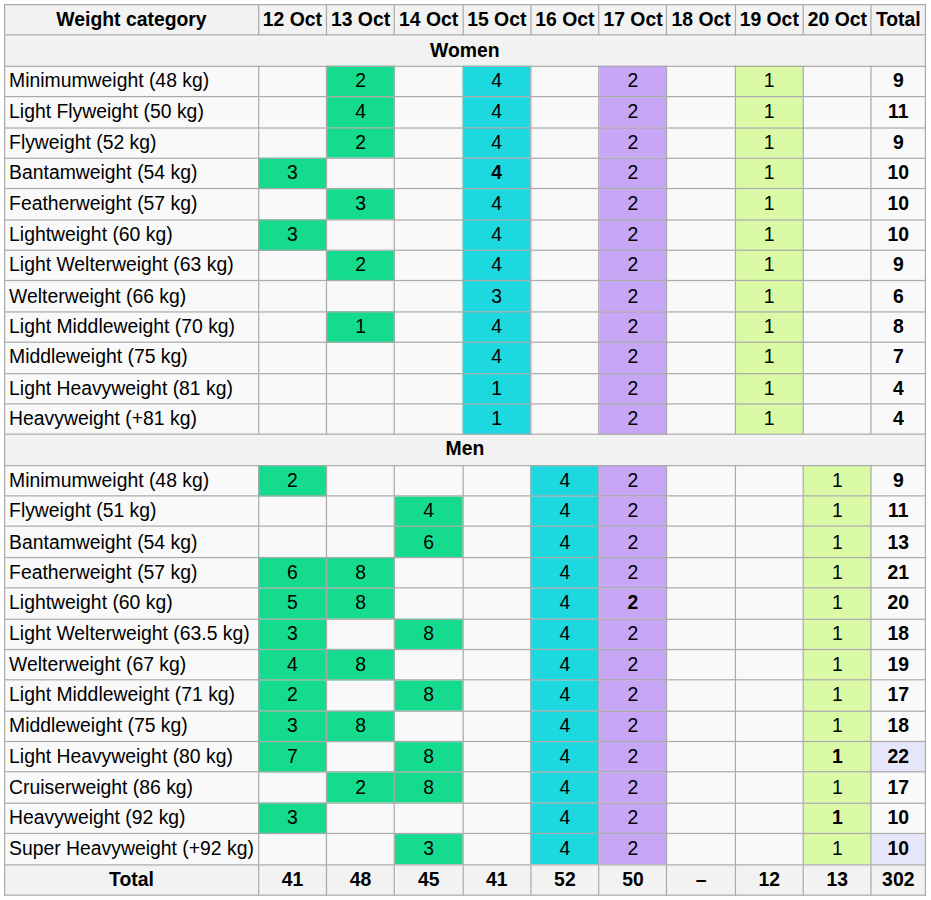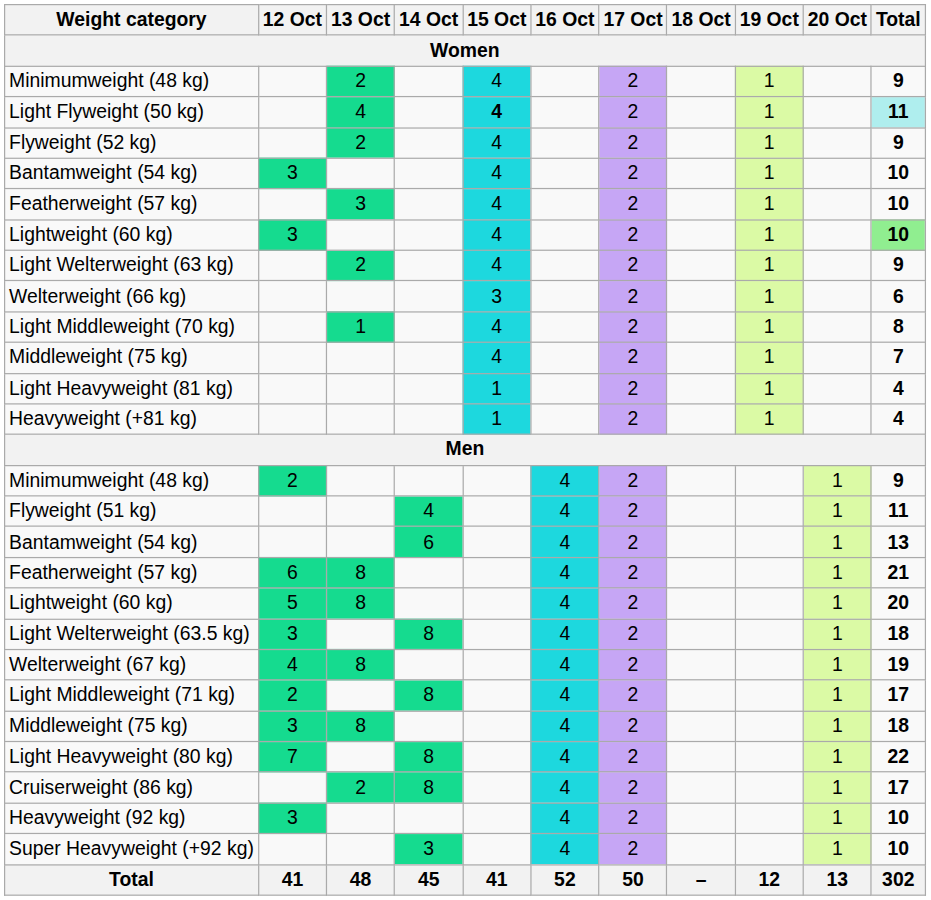 <table class=wikitable style="text-align:center">
 <tr>
 <th>Weight category</th>
 <th>12 Oct</th>
 <th>13 Oct</th>
 <th>14 Oct</th>
 <th>15 Oct</th>
 <th>16 Oct</th>
 <th>17 Oct</th>
 <th>18 Oct</th>
 <th>19 Oct</th>
 <th>20 Oct</th>
 <th>Total</th>
 </tr>
 <tr>
 <th colspan=11>Women</th>
 </tr>
 <tr>
 <td align=left>Minimumweight (48 kg)</td>
 <td></td>
 <td bgcolor=15DB8F>2</td>
 <td></td>
 <td bgcolor=1DD8DE>4</td>
 <td></td>
 <td bgcolor=C6A6F5>2</td>
 <td></td>
 <td bgcolor=DBFAA5>1</td>
 <td></td>
 <td><strong>9</strong></td>
 </tr>
 <tr>
 <td align=left>Light Flyweight (50 kg)</td>
 <td></td>
 <td bgcolor=15DB8F>4</td>
 <td></td>
-<td bgcolor=1DD8DE>4</td>
+<td bgcolor=1DD8DE><strong>4</strong></td>
 <td></td>
 <td bgcolor=C6A6F5>2</td>
 <td></td>
 <td bgcolor=DBFAA5>1</td>
 <td></td>
-<td><strong>11</strong></td>
+<td style="background: paleturquoise;"><strong>11</strong></td>
 </tr>
 <tr>
 <td align=left>Flyweight (52 kg)</td>
 <td></td>
 <td bgcolor=15DB8F>2</td>
 <td></td>
 <td bgcolor=1DD8DE>4</td>
 <td></td>
 <td bgcolor=C6A6F5>2</td>
 <td></td>
 <td bgcolor=DBFAA5>1</td>
 <td></td>
 <td><strong>9</strong></td>
 </tr>
 <tr>
 <td align=left>Bantamweight (54 kg)</td>
 <td bgcolor=15DB8F>3</td>
 <td></td>
 <td></td>
-<td bgcolor=1DD8DE><strong>4</strong></td>
+<td bgcolor=1DD8DE>4</td>
 <td></td>
 <td bgcolor=C6A6F5>2</td>
 <td></td>
 <td bgcolor=DBFAA5>1</td>
 <td></td>
 <td><strong>10</strong></td>
 </tr>
 <tr>
 <td align=left>Featherweight (57 kg)</td>
 <td></td>
 <td bgcolor=15DB8F>3</td>
 <td></td>
 <td bgcolor=1DD8DE>4</td>
 <td></td>
 <td bgcolor=C6A6F5>2</td>
 <td></td>
 <td bgcolor=DBFAA5>1</td>
 <td></td>
 <td><strong>10</strong></td>
 </tr>
 <tr>
 <td align=left>Lightweight (60 kg)</td>
 <td bgcolor=15DB8F>3</td>
 <td></td>
 <td></td>
 <td bgcolor=1DD8DE>4</td>
 <td></td>
 <td bgcolor=C6A6F5>2</td>
 <td></td>
 <td bgcolor=DBFAA5>1</td>
 <td></td>
-<td><strong>10</strong></td>
+<td style="background: lightgreen;"><strong>10</strong></td>
 </tr>
 <tr>
 <td align=left>Light Welterweight (63 kg)</td>
 <td></td>
 <td bgcolor=15DB8F>2</td>
 <td></td>
 <td bgcolor=1DD8DE>4</td>
 <td></td>
 <td bgcolor=C6A6F5>2</td>
 <td></td>
 <td bgcolor=DBFAA5>1</td>
 <td></td>
 <td><strong>9</strong></td>
 </tr>
 <tr>
 <td align=left>Welterweight (66 kg)</td>
 <td></td>
 <td></td>
 <td></td>
 <td bgcolor=1DD8DE>3</td>
 <td></td>
 <td bgcolor=C6A6F5>2</td>
 <td></td>
 <td bgcolor=DBFAA5>1</td>
 <td></td>
 <td><strong>6</strong></td>
 </tr>
 <tr>
 <td align=left>Light Middleweight (70 kg)</td>
 <td></td>
 <td bgcolor=15DB8F>1</td>
 <td></td>
 <td bgcolor=1DD8DE>4</td>
 <td></td>
 <td bgcolor=C6A6F5>2</td>
 <td></td>
 <td bgcolor=DBFAA5>1</td>
 <td></td>
 <td><strong>8</strong></td>
 </tr>
 <tr>
 <td align=left>Middleweight (75 kg)</td>
 <td></td>
 <td></td>
 <td></td>
 <td bgcolor=1DD8DE>4</td>
 <td></td>
 <td bgcolor=C6A6F5>2</td>
 <td></td>
 <td bgcolor=DBFAA5>1</td>
 <td></td>
 <td><strong>7</strong></td>
 </tr>
 <tr>
 <td align=left>Light Heavyweight (81 kg)</td>
 <td></td>
 <td></td>
 <td></td>
 <td bgcolor=1DD8DE>1</td>
 <td></td>
 <td bgcolor=C6A6F5>2</td>
 <td></td>
 <td bgcolor=DBFAA5>1</td>
 <td></td>
 <td><strong>4</strong></td>
 </tr>
 <tr>
 <td align=left>Heavyweight (+81 kg)</td>
 <td></td>
 <td></td>
 <td></td>
 <td bgcolor=1DD8DE>1</td>
 <td></td>
 <td bgcolor=C6A6F5>2</td>
 <td></td>
 <td bgcolor=DBFAA5>1</td>
 <td></td>
 <td><strong>4</strong></td>
 </tr>
 <tr>
 <th colspan=11>Men</th>
 </tr>
 <tr>
 <td align=left>Minimumweight (48 kg)</td>
 <td bgcolor=15DB8F>2</td>
 <td></td>
 <td></td>
 <td></td>
 <td bgcolor=1DD8DE>4</td>
 <td bgcolor=C6A6F5>2</td>
 <td></td>
 <td></td>
 <td bgcolor=DBFAA5>1</td>
 <td><strong>9</strong></td>
 </tr>
 <tr>
 <td align=left>Flyweight (51 kg)</td>
 <td></td>
 <td></td>
 <td bgcolor=15DB8F>4</td>
 <td></td>
 <td bgcolor=1DD8DE>4</td>
 <td bgcolor=C6A6F5>2</td>
 <td></td>
 <td></td>
 <td bgcolor=DBFAA5>1</td>
 <td><strong>11</strong></td>
 </tr>
 <tr>
 <td align=left>Bantamweight (54 kg)</td>
 <td></td>
 <td></td>
 <td bgcolor=15DB8F>6</td>
 <td></td>
 <td bgcolor=1DD8DE>4</td>
 <td bgcolor=C6A6F5>2</td>
 <td></td>
 <td></td>
 <td bgcolor=DBFAA5>1</td>
 <td><strong>13</strong></td>
 </tr>
 <tr>
 <td align=left>Featherweight (57 kg)</td>
 <td bgcolor=15DB8F>6</td>
 <td bgcolor=15DB8F>8</td>
 <td></td>
 <td></td>
 <td bgcolor=1DD8DE>4</td>
 <td bgcolor=C6A6F5>2</td>
 <td></td>
 <td></td>
 <td bgcolor=DBFAA5>1</td>
 <td><strong>21</strong></td>
 </tr>
 <tr>
 <td align=left>Lightweight (60 kg)</td>
 <td bgcolor=15DB8F>5</td>
 <td bgcolor=15DB8F>8</td>
 <td></td>
 <td></td>
 <td bgcolor=1DD8DE>4</td>
-<td bgcolor=C6A6F5><strong>2</strong></td>
+<td bgcolor=C6A6F5>2</td>
 <td></td>
 <td></td>
 <td bgcolor=DBFAA5>1</td>
 <td><strong>20</strong></td>
 </tr>
 <tr>
 <td align=left>Light Welterweight (63.5 kg)</td>
 <td bgcolor=15DB8F>3</td>
 <td></td>
 <td bgcolor=15DB8F>8</td>
 <td></td>
 <td bgcolor=1DD8DE>4</td>
 <td bgcolor=C6A6F5>2</td>
 <td></td>
 <td></td>
 <td bgcolor=DBFAA5>1</td>
 <td><strong>18</strong></td>
 </tr>
 <tr>
 <td align=left>Welterweight (67 kg)</td>
 <td bgcolor=15DB8F>4</td>
 <td bgcolor=15DB8F>8</td>
 <td></td>
 <td></td>
 <td bgcolor=1DD8DE>4</td>
 <td bgcolor=C6A6F5>2</td>
 <td></td>
 <td></td>
 <td bgcolor=DBFAA5>1</td>
 <td><strong>19</strong></td>
 </tr>
 <tr>
 <td align=left>Light Middleweight (71 kg)</td>
 <td bgcolor=15DB8F>2</td>
 <td></td>
 <td bgcolor=15DB8F>8</td>
 <td></td>
 <td bgcolor=1DD8DE>4</td>
 <td bgcolor=C6A6F5>2</td>
 <td></td>
 <td></td>
 <td bgcolor=DBFAA5>1</td>
 <td><strong>17</strong></td>
 </tr>
 <tr>
 <td align=left>Middleweight (75 kg)</td>
 <td bgcolor=15DB8F>3</td>
 <td bgcolor=15DB8F>8</td>
 <td></td>
 <td></td>
 <td bgcolor=1DD8DE>4</td>
 <td bgcolor=C6A6F5>2</td>
 <td></td>
 <td></td>
 <td bgcolor=DBFAA5>1</td>
 <td><strong>18</strong></td>
 </tr>
 <tr>
 <td align=left>Light Heavyweight (80 kg)</td>
 <td bgcolor=15DB8F>7</td>
 <td></td>
 <td bgcolor=15DB8F>8</td>
 <td></td>
 <td bgcolor=1DD8DE>4</td>
 <td bgcolor=C6A6F5>2</td>
 <td></td>
 <td></td>
-<td bgcolor=DBFAA5><strong>1</strong></td>
-<td style="background: lavender;"><strong>22</strong></td>
+<td bgcolor=DBFAA5>1</td>
+<td><strong>22</strong></td>
 </tr>
 <tr>
 <td align=left>Cruiserweight (86 kg)</td>
 <td></td>
 <td bgcolor=15DB8F>2</td>
 <td bgcolor=15DB8F>8</td>
 <td></td>
 <td bgcolor=1DD8DE>4</td>
 <td bgcolor=C6A6F5>2</td>
 <td></td>
 <td></td>
 <td bgcolor=DBFAA5>1</td>
 <td><strong>17</strong></td>
 </tr>
 <tr>
 <td align=left>Heavyweight (92 kg)</td>
 <td bgcolor=15DB8F>3</td>
 <td></td>
 <td></td>
 <td></td>
 <td bgcolor=1DD8DE>4</td>
 <td bgcolor=C6A6F5>2</td>
 <td></td>
 <td></td>
-<td bgcolor=DBFAA5><strong>1</strong></td>
+<td bgcolor=DBFAA5>1</td>
 <td><strong>10</strong></td>
 </tr>
 <tr>
 <td align=left>Super Heavyweight (+92 kg)</td>
 <td></td>
 <td></td>
 <td bgcolor=15DB8F>3</td>
 <td></td>
 <td bgcolor=1DD8DE>4</td>
 <td bgcolor=C6A6F5>2</td>
 <td></td>
 <td></td>
 <td bgcolor=DBFAA5>1</td>
-<td style="background: lavender;"><strong>10</strong></td>
+<td><strong>10</strong></td>
 </tr>
 <tr>
 <th>Total</th>
 <th>41</th>
 <th>48</th>
 <th>45</th>
 <th>41</th>
 <th>52</th>
 <th>50</th>
 <th>–</th>
 <th>12</th>
 <th>13</th>
 <th>302</th>
 </tr>
 </table>
